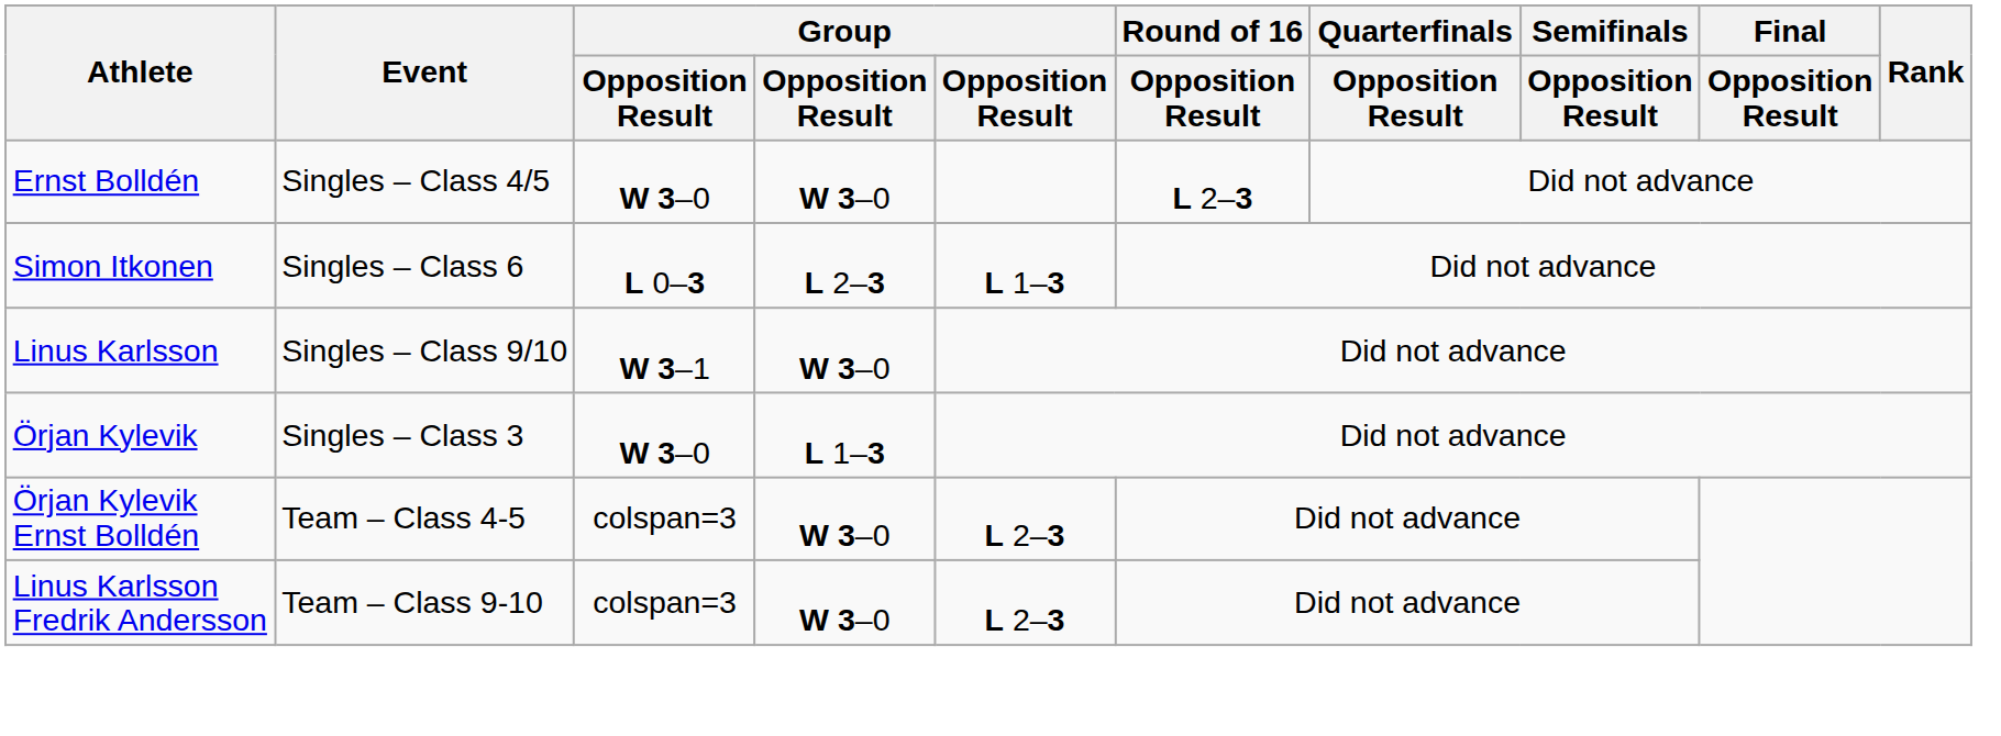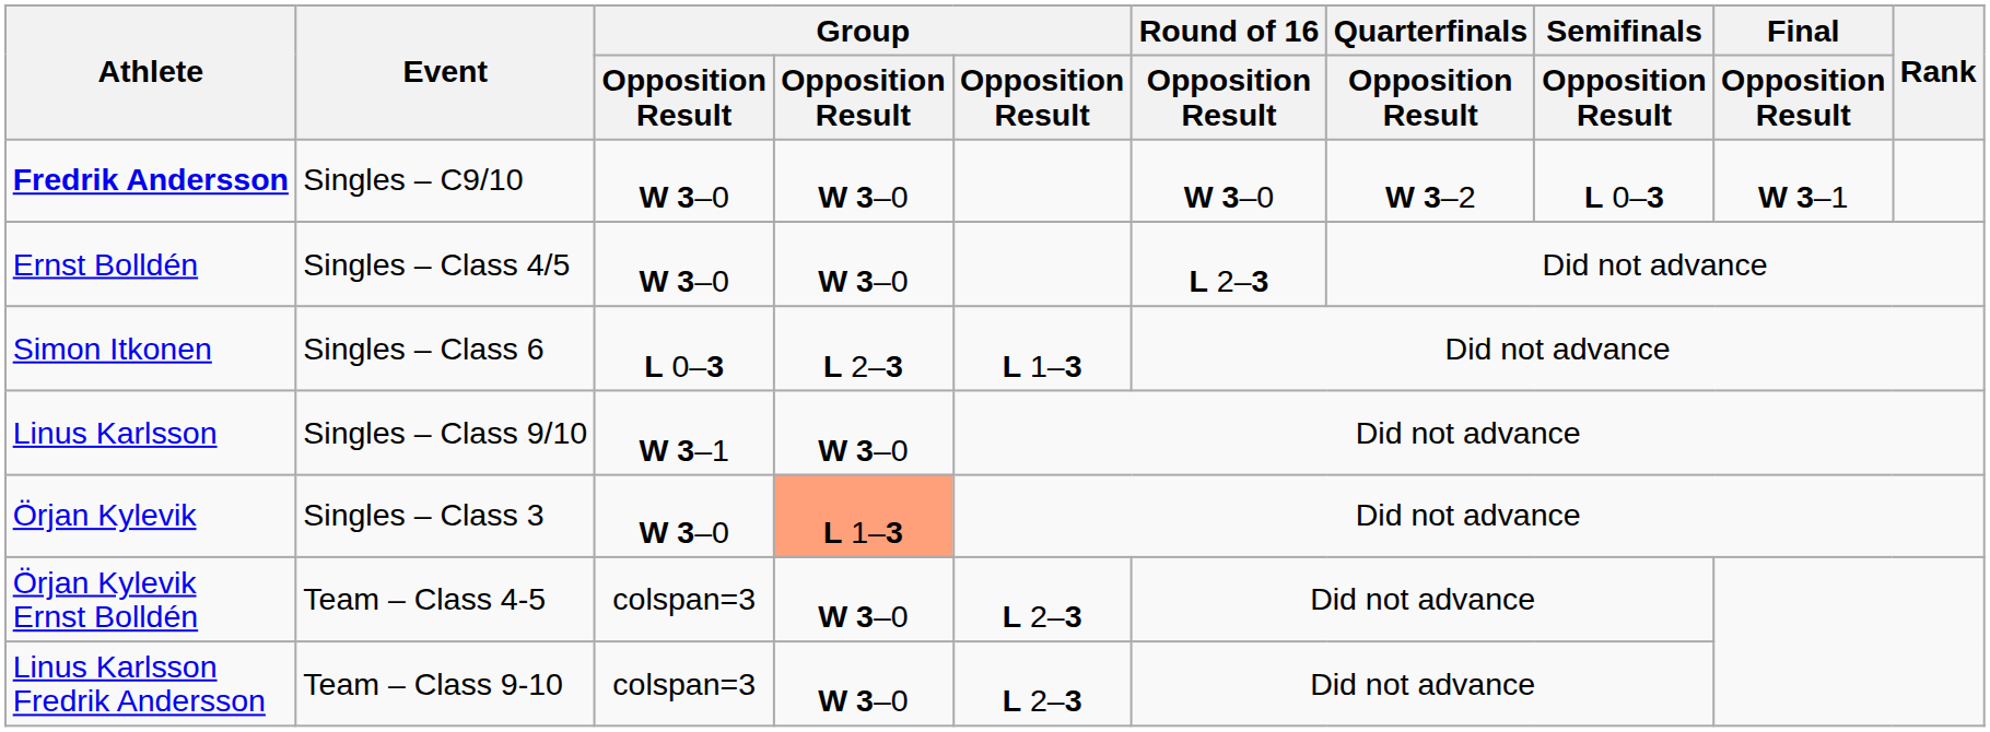 <table class="wikitable" style="font-size:90%">
 <tr>
 <th rowspan="2">Athlete</th>
 <th rowspan="2">Event</th>
 <th colspan="3">Group</th>
 <th>Round of 16</th>
 <th>Quarterfinals</th>
 <th>Semifinals</th>
 <th>Final</th>
 <th rowspan="2">Rank</th>
 </tr>
 <tr>
 <th>Opposition<br>Result</th>
 <th>Opposition<br>Result</th>
 <th>Opposition<br>Result</th>
 <th>Opposition<br>Result</th>
 <th>Opposition<br>Result</th>
 <th>Opposition<br>Result</th>
 <th>Opposition<br>Result</th>
+</tr>
+<tr align=center>
+<td align=left><strong><a href='#'>Fredrik Andersson</a></strong></td>
+<td align=left>Singles – C9/10</td>
+<td><br><strong>W</strong> <strong>3</strong>–0</td>
+<td><br><strong>W</strong> <strong>3</strong>–0</td>
+<td></td>
+<td><br><strong>W</strong> <strong>3</strong>–0</td>
+<td><br><strong>W</strong> <strong>3</strong>–2</td>
+<td><br><strong>L</strong> 0–<strong>3</strong></td>
+<td><br><strong>W</strong> <strong>3</strong>–1</td>
+<td></td>
 </tr>
 <tr align=center>
 <td align=left><a href='#'>Ernst Bolldén</a></td>
 <td align=left>Singles – Class 4/5</td>
 <td><br><strong>W</strong> <strong>3</strong>–0</td>
 <td><br><strong>W</strong> <strong>3</strong>–0</td>
 <td></td>
 <td><br><strong>L</strong> 2–<strong>3</strong></td>
 <td colspan=4>Did not advance</td>
 </tr>
 <tr align=center>
 <td align=left><a href='#'>Simon Itkonen</a></td>
 <td align=left>Singles – Class 6</td>
 <td><br><strong>L</strong> 0–<strong>3</strong></td>
 <td><br><strong>L</strong> 2–<strong>3</strong></td>
 <td><br><strong>L</strong> 1–<strong>3</strong></td>
 <td colspan=5>Did not advance</td>
 </tr>
 <tr align=center>
 <td align=left><a href='#'>Linus Karlsson</a></td>
 <td align=left>Singles – Class 9/10</td>
 <td><br><strong>W</strong> <strong>3</strong>–1</td>
 <td><br><strong>W</strong> <strong>3</strong>–0</td>
 <td colspan=6>Did not advance</td>
 </tr>
 <tr align=center>
 <td align=left><a href='#'>Örjan Kylevik</a></td>
 <td align=left>Singles – Class 3</td>
 <td><br><strong>W</strong> <strong>3</strong>–0</td>
-<td><br><strong>L</strong> 1–<strong>3</strong></td>
+<td style="background: lightsalmon;"><br><strong>L</strong> 1–<strong>3</strong></td>
 <td colspan=6>Did not advance</td>
 </tr>
 <tr align=center>
 <td align=left><a href='#'>Örjan Kylevik</a><br><a href='#'>Ernst Bolldén</a></td>
 <td align=left>Team – Class 4-5</td>
 <td>colspan=3 </td>
 <td><br><strong>W</strong> <strong>3</strong>–0</td>
 <td><br><strong>L</strong> 2–<strong>3</strong></td>
 <td colspan=3>Did not advance</td>
 </tr>
 <tr align=center>
 <td align=left><a href='#'>Linus Karlsson</a><br><a href='#'>Fredrik Andersson</a></td>
 <td align=left>Team – Class 9-10</td>
 <td>colspan=3 </td>
 <td><br><strong>W</strong> <strong>3</strong>–0</td>
 <td><br><strong>L</strong> 2–<strong>3</strong></td>
 <td colspan=3>Did not advance</td>
 </tr>
 </table>
